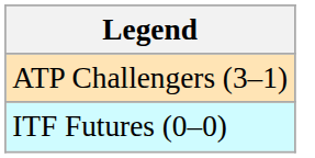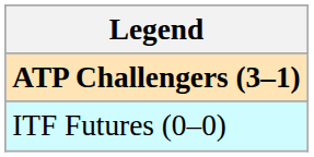 <table class=wikitable style=font-size:97%>
 <tr>
 <th>Legend</th>
 </tr>
 <tr bgcolor=moccasin>
-<td>ATP Challengers (3–1)</td>
+<td><strong>ATP Challengers (3–1)</strong></td>
 </tr>
 <tr bgcolor=cffcff>
 <td>ITF Futures (0–0)</td>
 </tr>
 </table>
